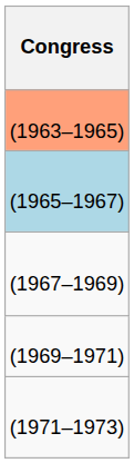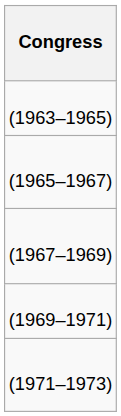 <table class="wikitable" style="float:left; margin:0; margin-right:-0.5px; margin-top:14px; text-align:center;">
 <tr style="white-space:nowrap; height:4.1em;">
 <th>Congress</th>
 </tr>
 <tr style="white-space:nowrap; height:3em;">
-<td style="background: lightsalmon;"><strong></strong><br>(1963–1965)</td>
+<td><strong></strong><br>(1963–1965)</td>
 </tr>
 <tr style="white-space:nowrap; height:4.02em">
-<td style="background: lightblue;"><strong></strong><br>(1965–1967)</td>
+<td><strong></strong><br>(1965–1967)</td>
 </tr>
 <tr style="white-space:nowrap; height:4.1em">
 <td><strong></strong><br>(1967–1969)</td>
 </tr>
 <tr style="white-space:nowrap; height:3em">
 <td><strong></strong><br>(1969–1971)</td>
 </tr>
 <tr style="white-space:nowrap; height:4.02em">
 <td><strong></strong><br>(1971–1973)</td>
 </tr>
 </table>
